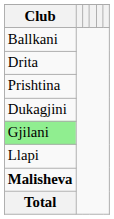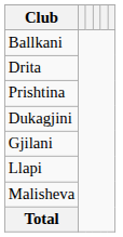 <table class="wikitable floatright">
 <tr>
 </tr>
 <tr>
 <th>Club</th>
 <th></th>
 <th></th>
 <th></th>
 <th></th>
 <th></th>
 </tr>
 <tr>
 <td>Ballkani<br></td>
 </tr>
 <tr>
 <td>Drita<br></td>
 </tr>
 <tr>
 <td>Prishtina<br></td>
 </tr>
 <tr>
 <td>Dukagjini<br></td>
 </tr>
 <tr>
-<td style="background: lightgreen;">Gjilani<br></td>
+<td>Gjilani<br></td>
 </tr>
 <tr>
 <td>Llapi<br></td>
 </tr>
 <tr>
-<td><strong>Malisheva<br></strong></td>
+<td>Malisheva<br></td>
 </tr>
 <tr>
 <th>Total<br></th>
 </tr>
 </table>
